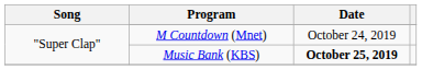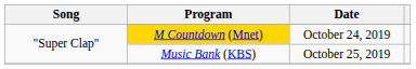 <table class="wikitable" style="text-align:center">
 <tr>
 <th width="150">Song</th>
 <th width="200">Program</th>
 <th width="140">Date</th>
 <th></th>
 </tr>
 <tr>
 <td rowspan="3">"Super Clap"</td>
 </tr>
 <tr>
-<td><em><a href='#'>M Countdown</a></em> (<a href='#'>Mnet</a>)</td>
+<td style="background: gold;"><em><a href='#'>M Countdown</a></em> (<a href='#'>Mnet</a>)</td>
 <td>October 24, 2019</td>
 <td></td>
 </tr>
 <tr>
 <td><em><a href='#'>Music Bank</a></em> (<a href='#'>KBS</a>)</td>
-<td><strong>October 25, 2019</strong></td>
+<td>October 25, 2019</td>
 <td></td>
 </tr>
 <tr>
 </tr>
 </table>
